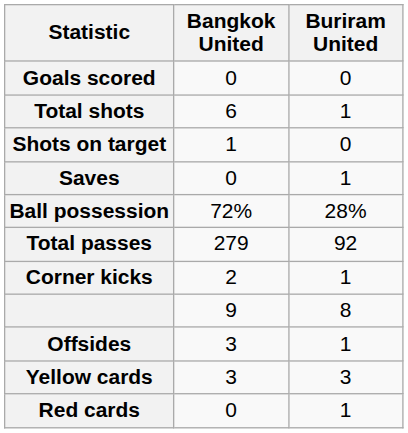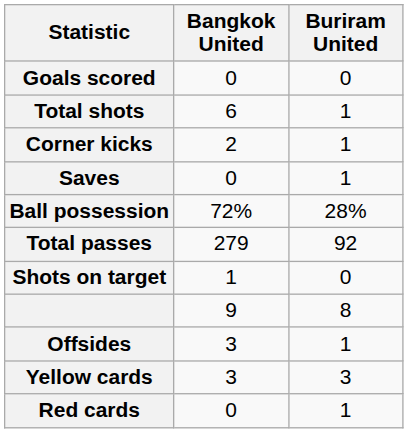 <table class="wikitable plainrowheaders" style="text-align:center">
 <tr>
 <th scope="col">Statistic</th>
 <th scope="col" style="width:80px">Bangkok United</th>
 <th scope="col" style="width:80px">Buriram United</th>
 </tr>
 <tr>
 <th scope=row>Goals scored</th>
 <td>0</td>
 <td>0</td>
 </tr>
 <tr>
 <th scope=row>Total shots</th>
 <td>6</td>
 <td>1</td>
 </tr>
 <tr>
-<th scope=row>Shots on target</th>
+<th scope=row>Corner kicks</th>
+<td>2</td>
 <td>1</td>
-<td>0</td>
 </tr>
 <tr>
 <th scope=row>Saves</th>
 <td>0</td>
 <td>1</td>
 </tr>
 <tr>
 <th scope=row>Ball possession</th>
 <td>72%</td>
 <td>28%</td>
 </tr>
 <tr>
 <th scope=row>Total passes</th>
 <td>279</td>
 <td>92</td>
 </tr>
 <tr>
-<th scope=row>Corner kicks</th>
-<td>2</td>
+<th scope=row>Shots on target</th>
 <td>1</td>
+<td>0</td>
 </tr>
 <tr>
 <th scope=row></th>
 <td>9</td>
 <td>8</td>
 </tr>
 <tr>
 <th scope=row>Offsides</th>
 <td>3</td>
 <td>1</td>
 </tr>
 <tr>
 <th scope=row>Yellow cards</th>
 <td>3</td>
 <td>3</td>
 </tr>
 <tr>
 <th scope=row>Red cards</th>
 <td>0</td>
 <td>1</td>
 </tr>
 </table>
